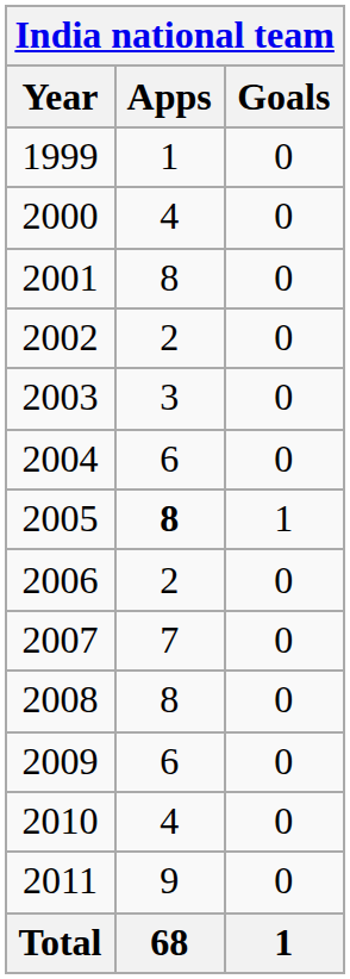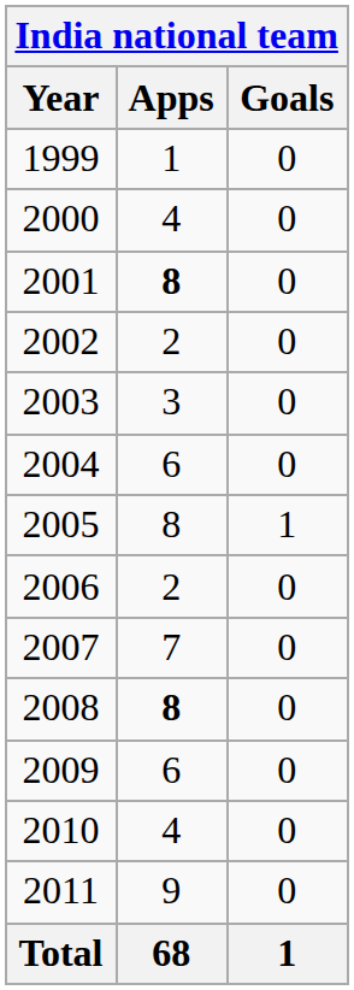 <table class="wikitable" style="text-align:center">
 <tr>
 <th colspan=3><a href='#'>India national team</a></th>
 </tr>
 <tr>
 <th>Year</th>
 <th>Apps</th>
 <th>Goals</th>
 </tr>
 <tr>
 <td>1999</td>
 <td>1</td>
 <td>0</td>
 </tr>
 <tr>
 <td>2000</td>
 <td>4</td>
 <td>0</td>
 </tr>
 <tr>
 <td>2001</td>
-<td>8</td>
+<td><strong>8</strong></td>
 <td>0</td>
 </tr>
 <tr>
 <td>2002</td>
 <td>2</td>
 <td>0</td>
 </tr>
 <tr>
 <td>2003</td>
 <td>3</td>
 <td>0</td>
 </tr>
 <tr>
 <td>2004</td>
 <td>6</td>
 <td>0</td>
 </tr>
 <tr>
 <td>2005</td>
-<td><strong>8</strong></td>
+<td>8</td>
 <td>1</td>
 </tr>
 <tr>
 <td>2006</td>
 <td>2</td>
 <td>0</td>
 </tr>
 <tr>
 <td>2007</td>
 <td>7</td>
 <td>0</td>
 </tr>
 <tr>
 <td>2008</td>
-<td>8</td>
+<td><strong>8</strong></td>
 <td>0</td>
 </tr>
 <tr>
 <td>2009</td>
 <td>6</td>
 <td>0</td>
 </tr>
 <tr>
 <td>2010</td>
 <td>4</td>
 <td>0</td>
 </tr>
 <tr>
 <td>2011</td>
 <td>9</td>
 <td>0</td>
 </tr>
 <tr>
 <th>Total</th>
 <th>68</th>
 <th>1</th>
 </tr>
 </table>
